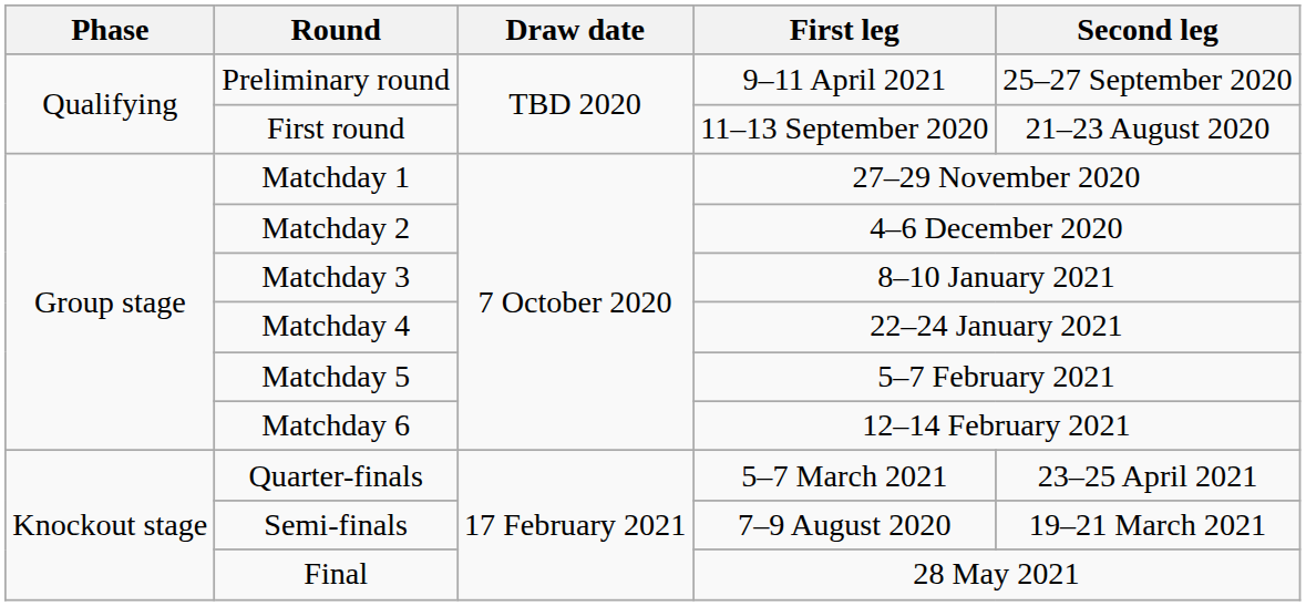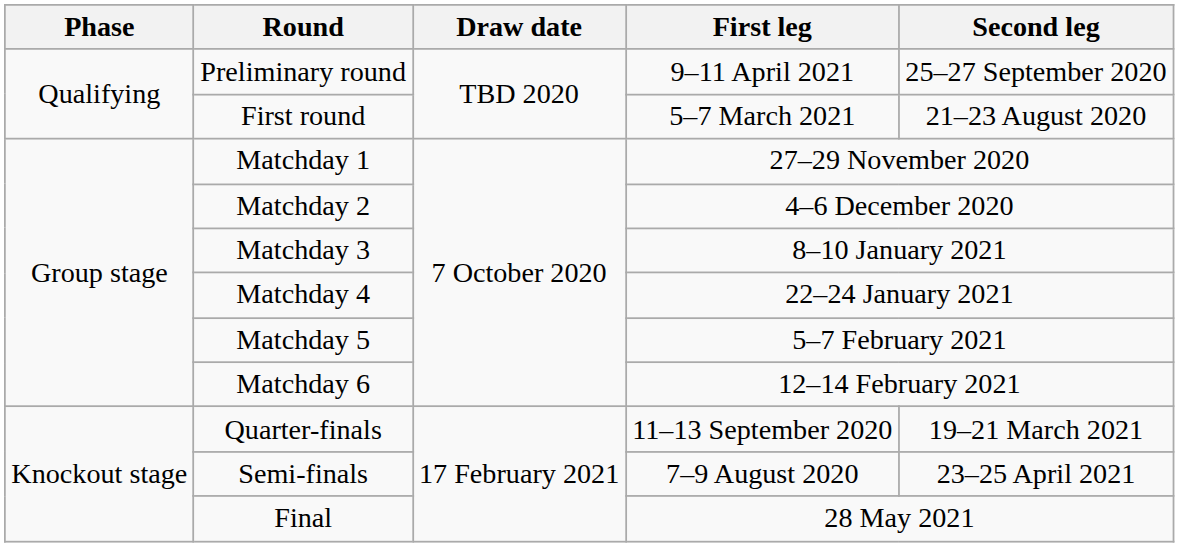 <table class="wikitable mw-collapsible mw-collapsed" style="text-align:center">
 <tr>
 <th>Phase</th>
 <th>Round</th>
 <th>Draw date</th>
 <th>First leg</th>
 <th>Second leg</th>
 </tr>
 <tr>
 <td rowspan=2>Qualifying</td>
 <td>Preliminary round</td>
 <td rowspan=2>TBD 2020</td>
 <td>9–11 April 2021</td>
 <td>25–27 September 2020</td>
 </tr>
 <tr>
 <td>First round</td>
-<td>11–13 September 2020</td>
+<td>5–7 March 2021</td>
 <td>21–23 August 2020</td>
 </tr>
 <tr>
 <td rowspan=6>Group stage</td>
 <td>Matchday 1</td>
 <td rowspan=6>7 October 2020</td>
 <td colspan=2>27–29 November 2020</td>
 </tr>
 <tr>
 <td>Matchday 2</td>
 <td colspan=2>4–6 December 2020</td>
 </tr>
 <tr>
 <td>Matchday 3</td>
 <td colspan=2>8–10 January 2021</td>
 </tr>
 <tr>
 <td>Matchday 4</td>
 <td colspan=2>22–24 January 2021</td>
 </tr>
 <tr>
 <td>Matchday 5</td>
 <td colspan=2>5–7 February 2021</td>
 </tr>
 <tr>
 <td>Matchday 6</td>
 <td colspan=2>12–14 February 2021</td>
 </tr>
 <tr>
 <td rowspan=3>Knockout stage</td>
 <td>Quarter-finals</td>
 <td rowspan=3>17 February 2021</td>
-<td>5–7 March 2021</td>
-<td>23–25 April 2021</td>
+<td>11–13 September 2020</td>
+<td>19–21 March 2021</td>
 </tr>
 <tr>
 <td>Semi-finals</td>
 <td>7–9 August 2020</td>
-<td>19–21 March 2021</td>
+<td>23–25 April 2021</td>
 </tr>
 <tr>
 <td>Final</td>
 <td colspan=2>28 May 2021</td>
 </tr>
 </table>
